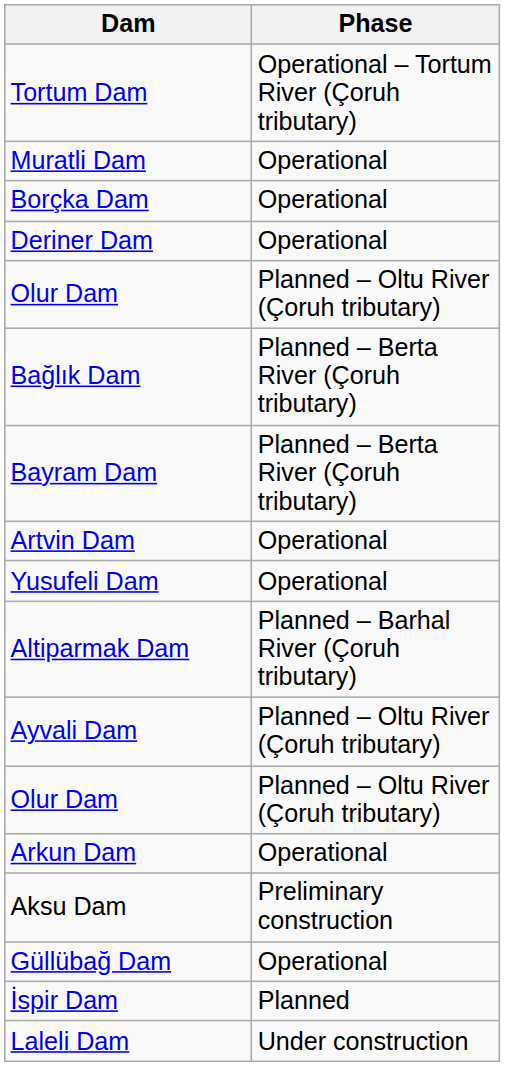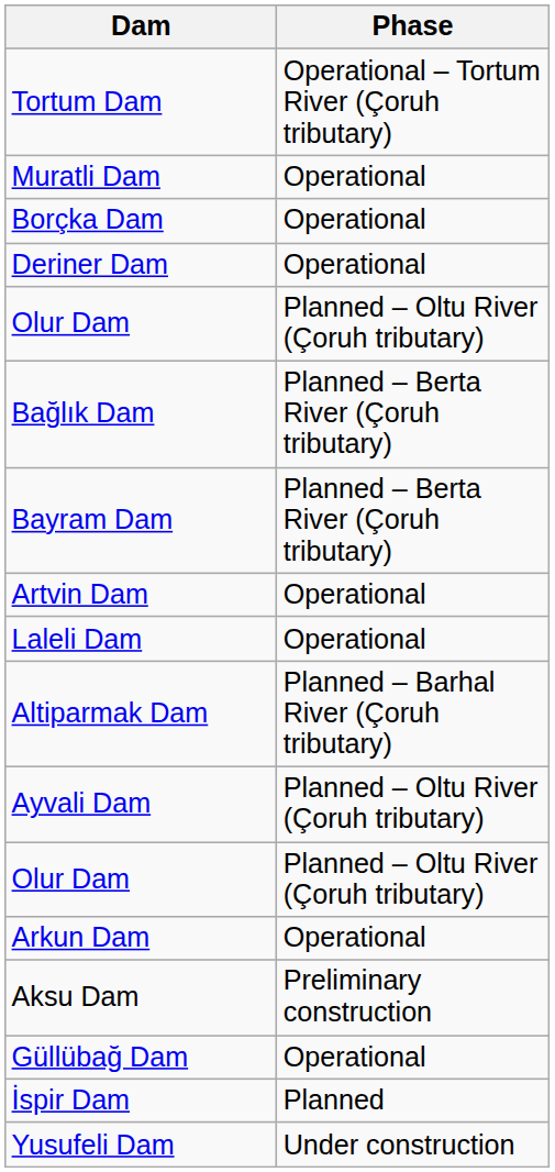 <table class="wikitable">
 <tr>
 <th width="150", align="left">Dam</th>
 <th width="150", align="left">Phase</th>
 </tr>
 <tr>
 <td><a href='#'>Tortum Dam</a></td>
 <td>Operational – Tortum River (Çoruh tributary)</td>
 </tr>
 <tr>
 <td><a href='#'>Muratli Dam</a></td>
 <td>Operational</td>
 </tr>
 <tr>
 <td><a href='#'>Borçka Dam</a></td>
 <td>Operational</td>
 </tr>
 <tr>
 <td><a href='#'>Deriner Dam</a></td>
 <td>Operational</td>
 </tr>
 <tr>
 <td><a href='#'>Olur Dam</a></td>
 <td>Planned – Oltu River (Çoruh tributary)</td>
 </tr>
 <tr>
 <td><a href='#'>Bağlık Dam</a></td>
 <td>Planned – Berta River (Çoruh tributary)</td>
 </tr>
 <tr>
 <td><a href='#'>Bayram Dam</a></td>
 <td>Planned – Berta River (Çoruh tributary)</td>
 </tr>
 <tr>
 <td><a href='#'>Artvin Dam</a></td>
 <td>Operational</td>
 </tr>
 <tr>
-<td><a href='#'>Yusufeli Dam</a></td>
+<td><a href='#'>Laleli Dam</a></td>
 <td>Operational</td>
 </tr>
 <tr>
 <td><a href='#'>Altiparmak Dam</a></td>
 <td>Planned – Barhal River (Çoruh tributary)</td>
 </tr>
 <tr>
 <td><a href='#'>Ayvali Dam</a></td>
 <td>Planned – Oltu River (Çoruh tributary)</td>
 </tr>
 <tr>
 <td><a href='#'>Olur Dam</a></td>
 <td>Planned – Oltu River (Çoruh tributary)</td>
 </tr>
 <tr>
 <td><a href='#'>Arkun Dam</a></td>
 <td>Operational</td>
 </tr>
 <tr>
 <td>Aksu Dam</td>
 <td>Preliminary construction</td>
 </tr>
 <tr>
 <td><a href='#'>Güllübağ Dam</a></td>
 <td>Operational</td>
 </tr>
 <tr>
 <td><a href='#'>İspir Dam</a></td>
 <td>Planned</td>
 </tr>
 <tr>
-<td><a href='#'>Laleli Dam</a></td>
+<td><a href='#'>Yusufeli Dam</a></td>
 <td>Under construction</td>
 </tr>
 </table>
